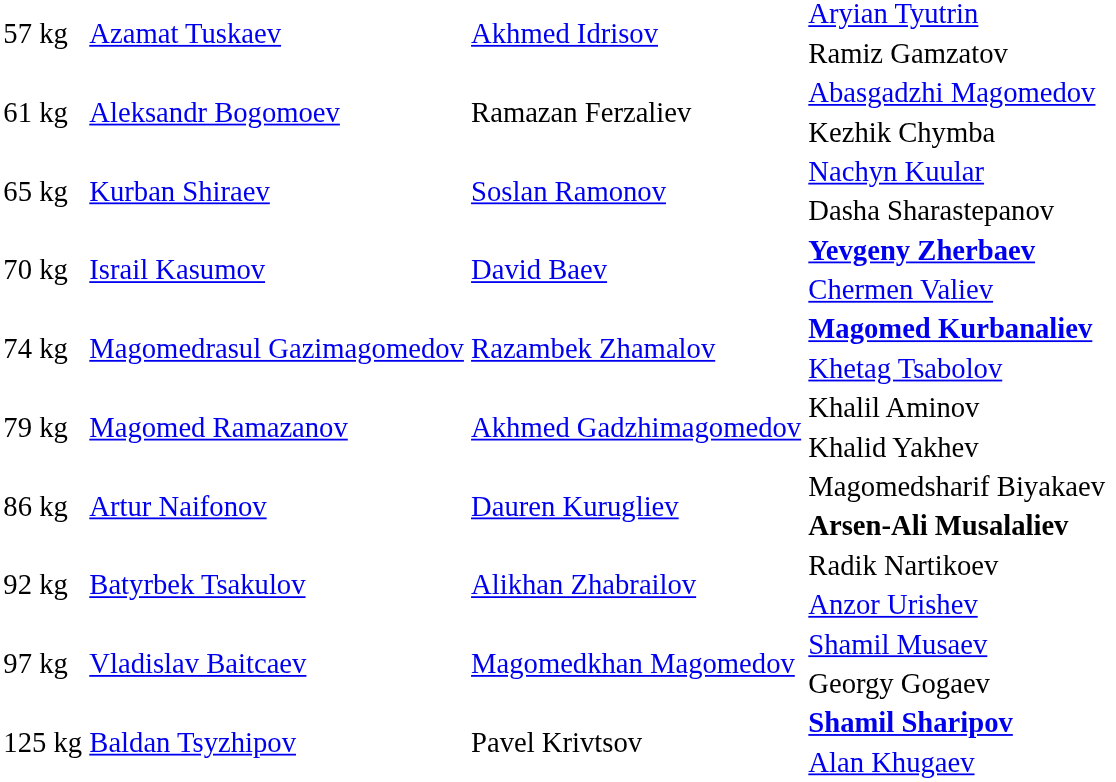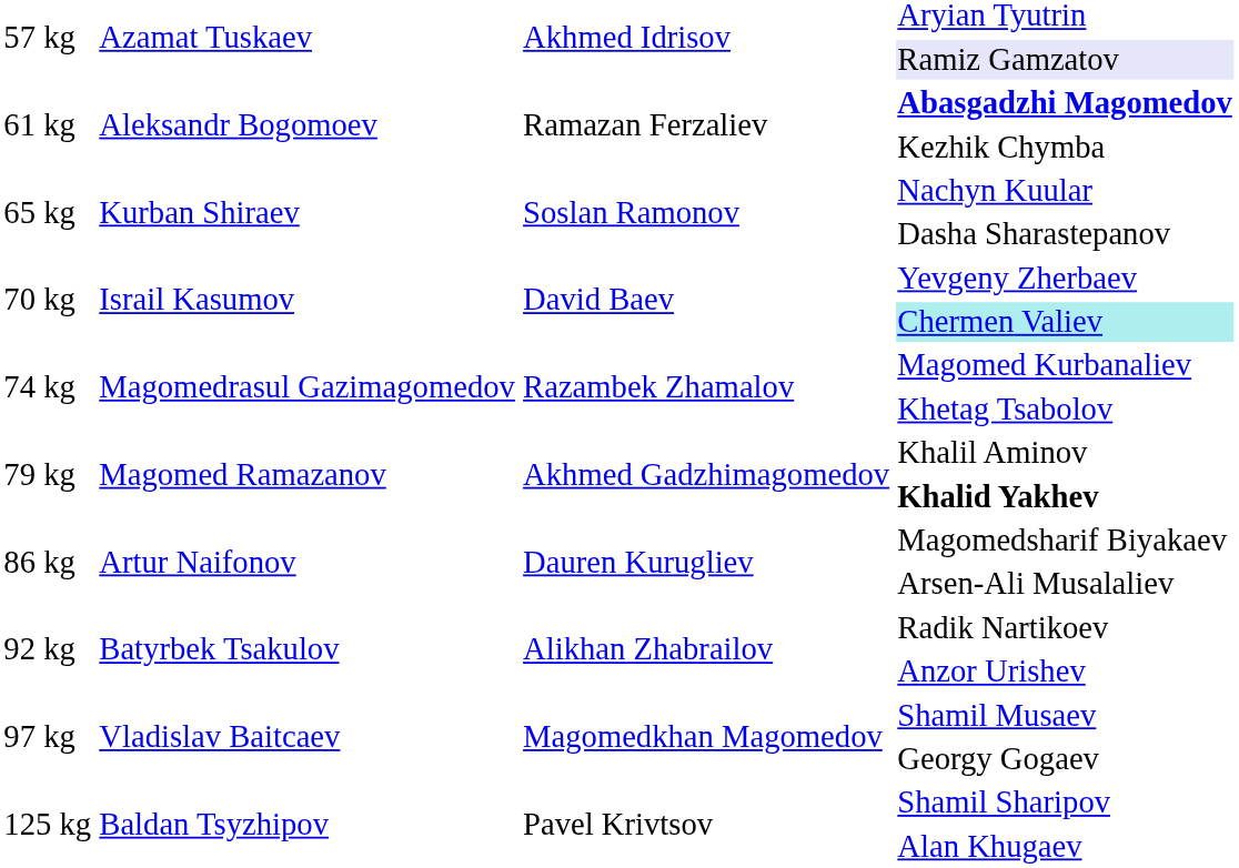 <table>
 <tr>
 <td rowspan=2>57 kg<br></td>
 <td rowspan=2> <a href='#'>Azamat Tuskaev</a></td>
 <td rowspan=2> <a href='#'>Akhmed Idrisov</a></td>
 <td> <a href='#'>Aryian Tyutrin</a></td>
 </tr>
 <tr>
-<td> Ramiz Gamzatov</td>
+<td style="background: lavender;"> Ramiz Gamzatov</td>
 </tr>
 <tr>
 <td rowspan=2>61 kg<br></td>
 <td rowspan=2> <a href='#'>Aleksandr Bogomoev</a></td>
 <td rowspan=2> Ramazan Ferzaliev</td>
-<td> <a href='#'>Abasgadzhi Magomedov</a></td>
+<td><strong> <a href='#'>Abasgadzhi Magomedov</a></strong></td>
 </tr>
 <tr>
 <td> Kezhik Chymba</td>
 </tr>
 <tr>
 <td rowspan=2>65 kg<br></td>
 <td rowspan=2> <a href='#'>Kurban Shiraev</a></td>
 <td rowspan=2> <a href='#'>Soslan Ramonov</a></td>
 <td> <a href='#'>Nachyn Kuular</a></td>
 </tr>
 <tr>
 <td> Dasha Sharastepanov</td>
 </tr>
 <tr>
 <td rowspan=2>70 kg<br></td>
 <td rowspan=2> <a href='#'>Israil Kasumov</a></td>
 <td rowspan=2> <a href='#'>David Baev</a></td>
-<td><strong> <a href='#'>Yevgeny Zherbaev</a></strong></td>
+<td> <a href='#'>Yevgeny Zherbaev</a></td>
 </tr>
 <tr>
-<td> <a href='#'>Chermen Valiev</a></td>
+<td style="background: paleturquoise;"> <a href='#'>Chermen Valiev</a></td>
 </tr>
 <tr>
 <td rowspan=2>74 kg<br></td>
 <td rowspan=2> <a href='#'>Magomedrasul Gazimagomedov</a></td>
 <td rowspan=2> <a href='#'>Razambek Zhamalov</a></td>
-<td><strong> <a href='#'>Magomed Kurbanaliev</a></strong></td>
+<td> <a href='#'>Magomed Kurbanaliev</a></td>
 </tr>
 <tr>
 <td> <a href='#'>Khetag Tsabolov</a></td>
 </tr>
 <tr>
 <td rowspan=2>79 kg<br></td>
 <td rowspan=2> <a href='#'>Magomed Ramazanov</a></td>
 <td rowspan=2> <a href='#'>Akhmed Gadzhimagomedov</a></td>
 <td> Khalil Aminov</td>
 </tr>
 <tr>
-<td> Khalid Yakhev</td>
+<td><strong> Khalid Yakhev</strong></td>
 </tr>
 <tr>
 <td rowspan=2>86 kg<br></td>
 <td rowspan=2> <a href='#'>Artur Naifonov</a></td>
 <td rowspan=2> <a href='#'>Dauren Kurugliev</a></td>
 <td> Magomedsharif Biyakaev</td>
 </tr>
 <tr>
-<td><strong> Arsen-Ali Musalaliev</strong></td>
+<td> Arsen-Ali Musalaliev</td>
 </tr>
 <tr>
 <td rowspan=2>92 kg<br></td>
 <td rowspan=2> <a href='#'>Batyrbek Tsakulov</a></td>
 <td rowspan=2> <a href='#'>Alikhan Zhabrailov</a></td>
 <td> Radik Nartikoev</td>
 </tr>
 <tr>
 <td> <a href='#'>Anzor Urishev</a></td>
 </tr>
 <tr>
 <td rowspan=2>97 kg<br></td>
 <td rowspan=2> <a href='#'>Vladislav Baitcaev</a></td>
 <td rowspan=2> <a href='#'>Magomedkhan Magomedov</a></td>
 <td> <a href='#'>Shamil Musaev</a></td>
 </tr>
 <tr>
 <td> Georgy Gogaev</td>
 </tr>
 <tr>
 <td rowspan=2>125 kg<br></td>
 <td rowspan=2> <a href='#'>Baldan Tsyzhipov</a></td>
 <td rowspan=2> Pavel Krivtsov</td>
-<td><strong> <a href='#'>Shamil Sharipov</a></strong></td>
+<td> <a href='#'>Shamil Sharipov</a></td>
 </tr>
 <tr>
 <td> <a href='#'>Alan Khugaev</a></td>
 </tr>
 </table>
